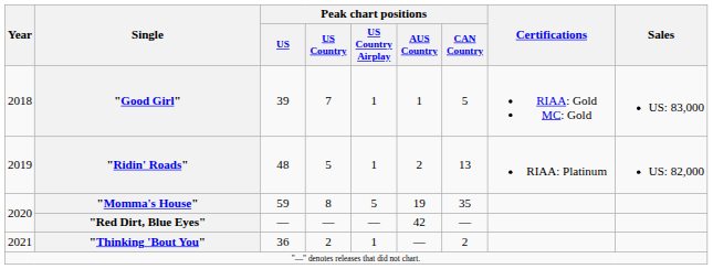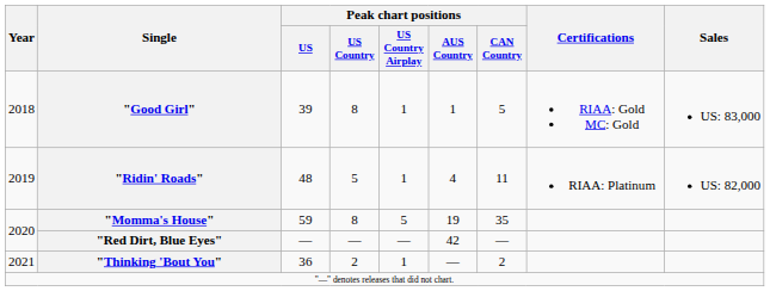 <table class="wikitable plainrowheaders" style="text-align:center;">
 <tr>
 <th rowspan="2">Year</th>
 <th rowspan="2" style="width:18em;">Single</th>
 <th colspan="5">Peak chart positions</th>
 <th rowspan="2" style="width:10em;"><a href='#'>Certifications</a></th>
 <th rowspan="2">Sales</th>
 </tr>
 <tr style="font-size:smaller;">
 <th style="width:4em;"><a href='#'>US</a><br></th>
 <th style="width:4em;"><a href='#'>US Country</a><br></th>
 <th style="width:4em;"><a href='#'>US Country Airplay</a><br></th>
 <th style="width:4em;"><a href='#'>AUS Country</a><br></th>
 <th style="width:4em;"><a href='#'>CAN Country</a><br></th>
 </tr>
 <tr>
 <td>2018</td>
 <th scope="row">"<a href='#'>Good Girl</a>"</th>
 <td>39</td>
-<td>7</td>
+<td>8</td>
 <td>1</td>
 <td>1</td>
 <td>5</td>
 <td><br><ul><li><a href='#'>RIAA</a>: Gold</li><li><a href='#'>MC</a>: Gold</li></ul></td>
 <td><br><ul><li>US: 83,000</li></ul></td>
 </tr>
 <tr>
 <td>2019</td>
 <th scope="row">"<a href='#'>Ridin' Roads</a>"</th>
 <td>48</td>
 <td>5</td>
 <td>1</td>
-<td>2</td>
-<td>13</td>
+<td>4</td>
+<td>11</td>
 <td><br><ul><li>RIAA: Platinum</li></ul></td>
 <td><br><ul><li>US: 82,000</li></ul></td>
 </tr>
 <tr>
 <td rowspan="2”">2020</td>
 <th scope="row">"<a href='#'>Momma's House</a>"</th>
 <td>59</td>
 <td>8</td>
 <td>5</td>
 <td>19</td>
 <td>35</td>
 <td></td>
 <td></td>
 </tr>
 <tr>
 <th scope="row">"Red Dirt, Blue Eyes"</th>
 <td>—</td>
 <td>—</td>
 <td>—</td>
 <td>42</td>
 <td>—</td>
 <td></td>
 <td></td>
 </tr>
 <tr>
 <td>2021</td>
 <th scope="row">"<a href='#'>Thinking 'Bout You</a>"</th>
 <td>36</td>
 <td>2</td>
 <td>1</td>
 <td>—</td>
 <td>2</td>
 <td></td>
 <td></td>
 </tr>
 <tr>
 <td colspan="10" style="font-size:8pt">"—" denotes releases that did not chart.</td>
 </tr>
 </table>
